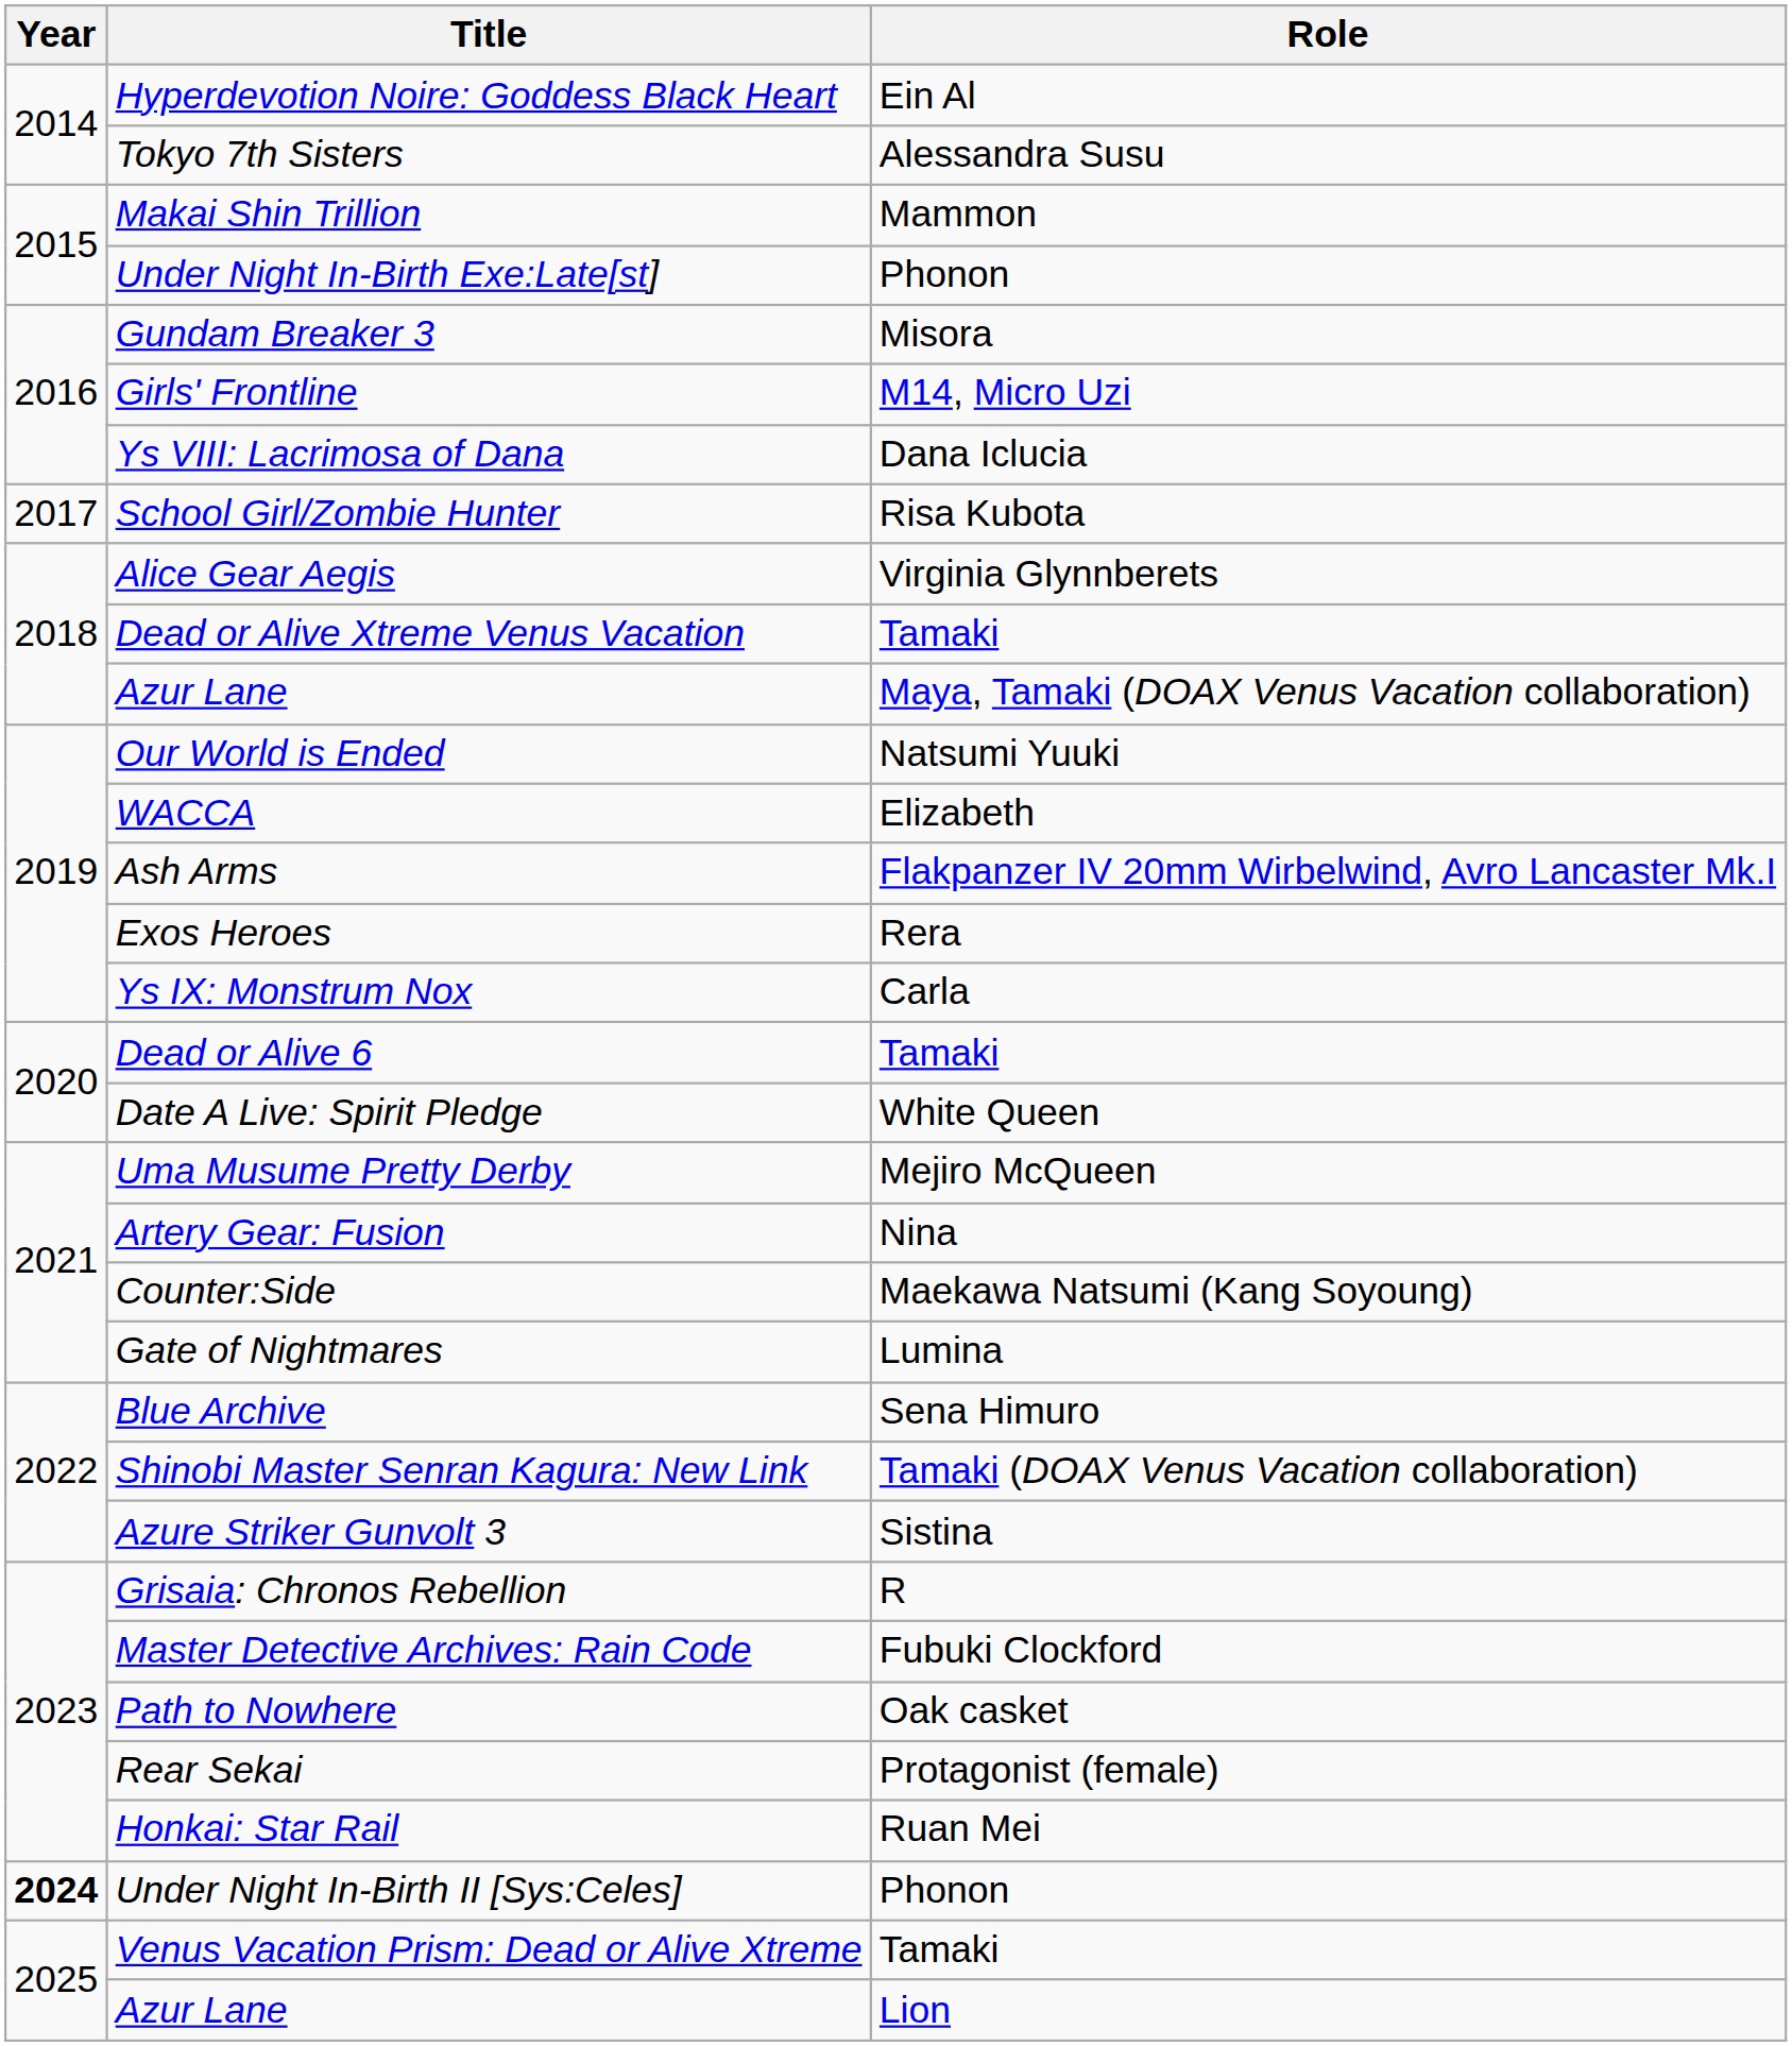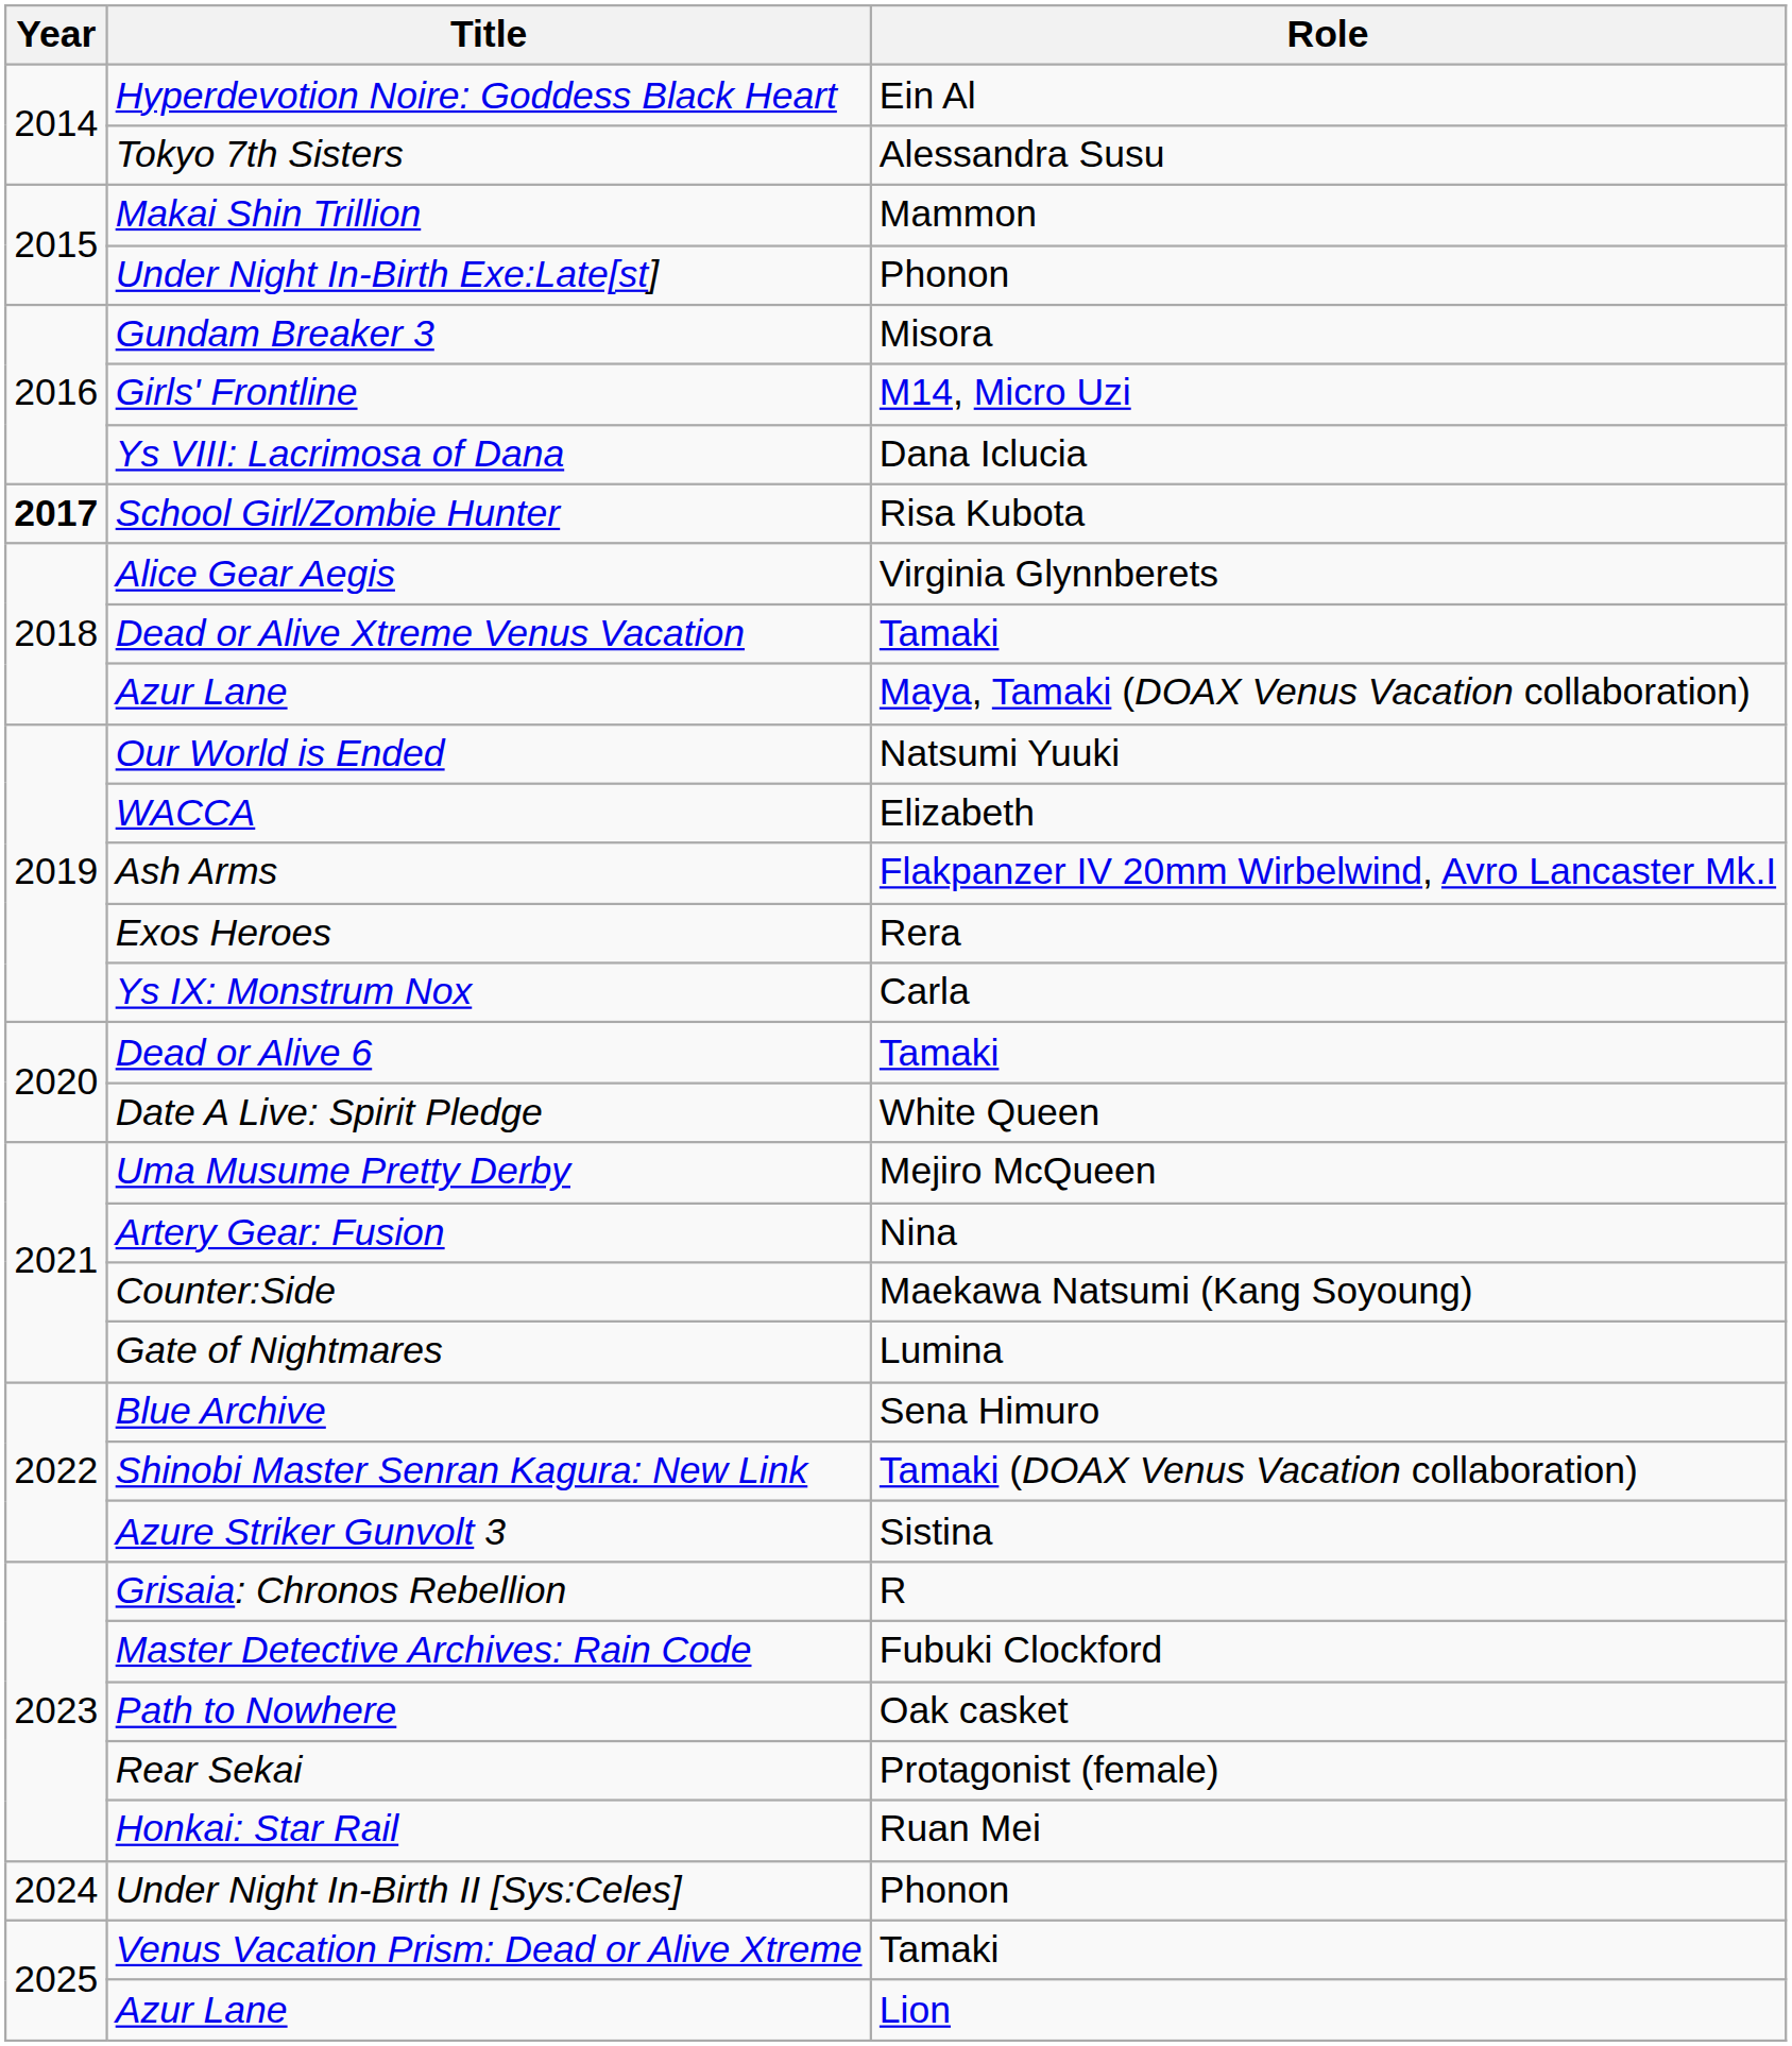 <table class="wikitable">
 <tr>
 <th>Year</th>
 <th>Title</th>
 <th>Role</th>
 </tr>
 <tr>
 <td rowspan="2">2014</td>
 <td><em><a href='#'>Hyperdevotion Noire: Goddess Black Heart</a></em></td>
 <td>Ein Al</td>
 </tr>
 <tr>
 <td><em>Tokyo 7th Sisters</em></td>
 <td>Alessandra Susu</td>
 </tr>
 <tr>
 <td rowspan="2">2015</td>
 <td><em><a href='#'>Makai Shin Trillion</a></em></td>
 <td>Mammon</td>
 </tr>
 <tr>
 <td><em><a href='#'>Under Night In-Birth Exe:Late[st</a>]</em></td>
 <td>Phonon</td>
 </tr>
 <tr>
 <td rowspan="3">2016</td>
 <td><em><a href='#'>Gundam Breaker 3</a></em></td>
 <td>Misora</td>
 </tr>
 <tr>
 <td><em><a href='#'>Girls' Frontline</a></em></td>
 <td><a href='#'>M14</a>, <a href='#'>Micro Uzi</a></td>
 </tr>
 <tr>
 <td><em><a href='#'>Ys VIII: Lacrimosa of Dana</a></em></td>
 <td>Dana Iclucia</td>
 </tr>
 <tr>
-<td>2017</td>
+<td><strong>2017</strong></td>
 <td><em><a href='#'>School Girl/Zombie Hunter</a></em></td>
 <td>Risa Kubota</td>
 </tr>
 <tr>
 <td rowspan="3">2018</td>
 <td><em><a href='#'>Alice Gear Aegis</a></em></td>
 <td>Virginia Glynnberets</td>
 </tr>
 <tr>
 <td><em><a href='#'>Dead or Alive Xtreme Venus Vacation</a></em></td>
 <td><a href='#'>Tamaki</a></td>
 </tr>
 <tr>
 <td><em><a href='#'>Azur Lane</a></em></td>
 <td><a href='#'>Maya</a>, <a href='#'>Tamaki</a> (<em>DOAX Venus Vacation</em> collaboration)</td>
 </tr>
 <tr>
 <td rowspan="5">2019</td>
 <td><em><a href='#'>Our World is Ended</a></em></td>
 <td>Natsumi Yuuki</td>
 </tr>
 <tr>
 <td><em><a href='#'>WACCA</a></em></td>
 <td>Elizabeth</td>
 </tr>
 <tr>
 <td><em>Ash Arms</em></td>
 <td><a href='#'>Flakpanzer IV 20mm Wirbelwind</a>, <a href='#'>Avro Lancaster Mk.I</a></td>
 </tr>
 <tr>
 <td><em>Exos Heroes</em></td>
 <td>Rera</td>
 </tr>
 <tr>
 <td><em><a href='#'>Ys IX: Monstrum Nox</a></em></td>
 <td>Carla</td>
 </tr>
 <tr>
 <td rowspan="2">2020</td>
 <td><em><a href='#'>Dead or Alive 6</a></em></td>
 <td><a href='#'>Tamaki</a></td>
 </tr>
 <tr>
 <td><em>Date A Live: Spirit Pledge</em></td>
 <td>White Queen</td>
 </tr>
 <tr>
 <td rowspan="4">2021</td>
 <td><em><a href='#'>Uma Musume Pretty Derby</a></em></td>
 <td>Mejiro McQueen</td>
 </tr>
 <tr>
 <td><em><a href='#'>Artery Gear: Fusion</a></em></td>
 <td>Nina</td>
 </tr>
 <tr>
 <td><em>Counter:Side</em></td>
 <td>Maekawa Natsumi (Kang Soyoung)</td>
 </tr>
 <tr>
 <td><em>Gate of Nightmares</em></td>
 <td>Lumina</td>
 </tr>
 <tr>
 <td rowspan="3">2022</td>
 <td><em><a href='#'>Blue Archive</a></em></td>
 <td>Sena Himuro</td>
 </tr>
 <tr>
 <td><em><a href='#'>Shinobi Master Senran Kagura: New Link</a></em></td>
 <td><a href='#'>Tamaki</a> (<em>DOAX Venus Vacation</em> collaboration)</td>
 </tr>
 <tr>
 <td><em><a href='#'>Azure Striker Gunvolt</a> 3</em></td>
 <td>Sistina</td>
 </tr>
 <tr>
 <td rowspan="5">2023</td>
 <td><em><a href='#'>Grisaia</a>: Chronos Rebellion</em></td>
 <td>R</td>
 </tr>
 <tr>
 <td><em><a href='#'>Master Detective Archives: Rain Code</a></em></td>
 <td>Fubuki Clockford</td>
 </tr>
 <tr>
 <td><em><a href='#'>Path to Nowhere</a></em></td>
 <td>Oak casket</td>
 </tr>
 <tr>
 <td><em>Rear Sekai</em></td>
 <td>Protagonist (female)</td>
 </tr>
 <tr>
 <td><em><a href='#'>Honkai: Star Rail</a></em></td>
 <td>Ruan Mei</td>
 </tr>
 <tr>
-<td><strong>2024</strong></td>
+<td>2024</td>
 <td><em>Under Night In-Birth II [Sys:Celes]</em></td>
 <td>Phonon</td>
 </tr>
 <tr>
 <td rowspan="2">2025</td>
 <td><em><a href='#'>Venus Vacation Prism: Dead or Alive Xtreme</a></em></td>
 <td>Tamaki</td>
 </tr>
 <tr>
 <td><em><a href='#'>Azur Lane</a></em></td>
 <td><a href='#'>Lion</a></td>
 </tr>
 </table>
